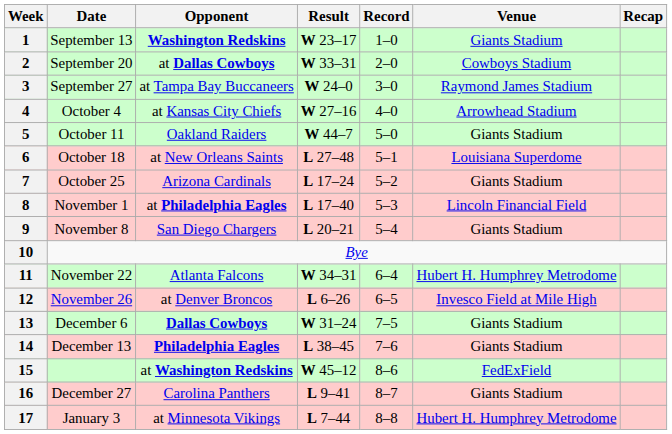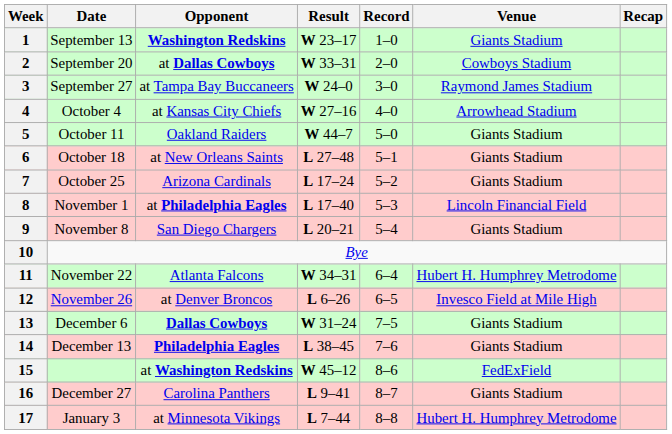 <table class="wikitable" style="text-align:center">
 <tr>
 <th>Week</th>
 <th>Date</th>
 <th>Opponent</th>
 <th>Result</th>
 <th>Record</th>
 <th>Venue</th>
 <th>Recap</th>
 </tr>
 <tr style="background:#cfc;">
 <th style="text-align:center;">1</th>
 <td style="text-align:center;">September 13</td>
 <td style="text-align:center;"><strong><a href='#'>Washington Redskins</a></strong></td>
 <td style="text-align:center;"><strong>W</strong> 23–17</td>
 <td style="text-align:center;">1–0</td>
 <td style="text-align:center;"><a href='#'>Giants Stadium</a></td>
 <td style="text-align:center;"></td>
 </tr>
 <tr style="background:#cfc;">
 <th style="text-align:center;">2</th>
 <td style="text-align:center;">September 20</td>
 <td style="text-align:center;">at <strong><a href='#'>Dallas Cowboys</a></strong></td>
 <td style="text-align:center;"><strong>W</strong> 33–31</td>
 <td style="text-align:center;">2–0</td>
 <td style="text-align:center;"><a href='#'>Cowboys Stadium</a></td>
 <td style="text-align:center;"></td>
 </tr>
 <tr style="background:#cfc;">
 <th style="text-align:center;">3</th>
 <td style="text-align:center;">September 27</td>
 <td style="text-align:center;">at <a href='#'>Tampa Bay Buccaneers</a></td>
 <td style="text-align:center;"><strong>W</strong> 24–0</td>
 <td style="text-align:center;">3–0</td>
 <td style="text-align:center;"><a href='#'>Raymond James Stadium</a></td>
 <td style="text-align:center;"></td>
 </tr>
 <tr style="background:#cfc;">
 <th style="text-align:center;">4</th>
 <td style="text-align:center;">October 4</td>
 <td style="text-align:center;">at <a href='#'>Kansas City Chiefs</a></td>
 <td style="text-align:center;"><strong>W</strong> 27–16</td>
 <td style="text-align:center;">4–0</td>
 <td style="text-align:center;"><a href='#'>Arrowhead Stadium</a></td>
 <td style="text-align:center;"></td>
 </tr>
 <tr style="background:#cfc;">
 <th style="text-align:center;">5</th>
 <td style="text-align:center;">October 11</td>
 <td style="text-align:center;"><a href='#'>Oakland Raiders</a></td>
 <td style="text-align:center;"><strong>W</strong> 44–7</td>
 <td style="text-align:center;">5–0</td>
 <td style="text-align:center;">Giants Stadium</td>
 <td style="text-align:center;"></td>
 </tr>
 <tr style="background:#fcc;">
 <th style="text-align:center;">6</th>
 <td style="text-align:center;">October 18</td>
 <td style="text-align:center;">at <a href='#'>New Orleans Saints</a></td>
 <td style="text-align:center;"><strong>L</strong> 27–48</td>
 <td style="text-align:center;">5–1</td>
-<td style="text-align:center;"><a href='#'>Louisiana Superdome</a></td>
+<td style="text-align:center;">Giants Stadium</td>
 <td style="text-align:center;"></td>
 </tr>
 <tr style="background:#fcc;">
 <th style="text-align:center;">7</th>
 <td style="text-align:center;">October 25</td>
 <td style="text-align:center;"><a href='#'>Arizona Cardinals</a></td>
 <td style="text-align:center;"><strong>L</strong> 17–24</td>
 <td style="text-align:center;">5–2</td>
 <td style="text-align:center;">Giants Stadium</td>
 <td style="text-align:center;"></td>
 </tr>
 <tr style="background:#fcc;">
 <th style="text-align:center;">8</th>
 <td style="text-align:center;">November 1</td>
 <td style="text-align:center;">at <strong><a href='#'>Philadelphia Eagles</a></strong></td>
 <td style="text-align:center;"><strong>L</strong> 17–40</td>
 <td style="text-align:center;">5–3</td>
 <td style="text-align:center;"><a href='#'>Lincoln Financial Field</a></td>
 <td style="text-align:center;"></td>
 </tr>
 <tr style="background:#fcc;">
 <th style="text-align:center;">9</th>
 <td style="text-align:center;">November 8</td>
 <td style="text-align:center;"><a href='#'>San Diego Chargers</a></td>
 <td style="text-align:center;"><strong>L</strong> 20–21</td>
 <td style="text-align:center;">5–4</td>
 <td style="text-align:center;">Giants Stadium</td>
 <td style="text-align:center;"></td>
 </tr>
 <tr>
 <th style="text-align:center;">10</th>
 <td colspan="9" style="text-align:center;"><em><a href='#'>Bye</a></em></td>
 </tr>
 <tr style="background:#cfc;">
 <th style="text-align:center;">11</th>
 <td style="text-align:center;">November 22</td>
 <td style="text-align:center;"><a href='#'>Atlanta Falcons</a></td>
 <td style="text-align:center;"><strong>W</strong> 34–31 </td>
 <td style="text-align:center;">6–4</td>
 <td style="text-align:center;"><a href='#'>Hubert H. Humphrey Metrodome</a></td>
 <td style="text-align:center;"></td>
 </tr>
 <tr style="background:#fcc;">
 <th style="text-align:center;">12</th>
 <td style="text-align:center;"><a href='#'>November 26</a></td>
 <td style="text-align:center;">at <a href='#'>Denver Broncos</a></td>
 <td style="text-align:center;"><strong>L</strong> 6–26</td>
 <td style="text-align:center;">6–5</td>
 <td style="text-align:center;"><a href='#'>Invesco Field at Mile High</a></td>
 <td style="text-align:center;"></td>
 </tr>
 <tr style="background:#cfc;">
 <th style="text-align:center;">13</th>
 <td style="text-align:center;">December 6</td>
 <td style="text-align:center;"><strong><a href='#'>Dallas Cowboys</a></strong></td>
 <td style="text-align:center;"><strong>W</strong> 31–24</td>
 <td style="text-align:center;">7–5</td>
 <td style="text-align:center;">Giants Stadium</td>
 <td style="text-align:center;"></td>
 </tr>
 <tr style="background:#fcc;">
 <th style="text-align:center;">14</th>
 <td style="text-align:center;">December 13</td>
 <td style="text-align:center;"><strong><a href='#'>Philadelphia Eagles</a></strong></td>
 <td style="text-align:center;"><strong>L</strong> 38–45</td>
 <td style="text-align:center;">7–6</td>
 <td style="text-align:center;">Giants Stadium</td>
 <td style="text-align:center;"></td>
 </tr>
 <tr style="background:#cfc;">
 <th style="text-align:center;">15</th>
 <td style="text-align:center;"></td>
 <td style="text-align:center;">at <strong><a href='#'>Washington Redskins</a></strong></td>
 <td style="text-align:center;"><strong>W</strong> 45–12</td>
 <td style="text-align:center;">8–6</td>
 <td style="text-align:center;"><a href='#'>FedExField</a></td>
 <td style="text-align:center;"></td>
 </tr>
 <tr style="background:#fcc;">
 <th style="text-align:center;">16</th>
 <td style="text-align:center;">December 27</td>
 <td style="text-align:center;"><a href='#'>Carolina Panthers</a></td>
 <td style="text-align:center;"><strong>L</strong> 9–41</td>
 <td style="text-align:center;">8–7</td>
 <td style="text-align:center;">Giants Stadium</td>
 <td style="text-align:center;"></td>
 </tr>
 <tr style="background:#fcc;">
 <th style="text-align:center;">17</th>
 <td style="text-align:center;">January 3</td>
 <td style="text-align:center;">at <a href='#'>Minnesota Vikings</a></td>
 <td style="text-align:center;"><strong>L</strong> 7–44</td>
 <td style="text-align:center;">8–8</td>
 <td style="text-align:center;"><a href='#'>Hubert H. Humphrey Metrodome</a></td>
 <td style="text-align:center;"></td>
 </tr>
 </table>
